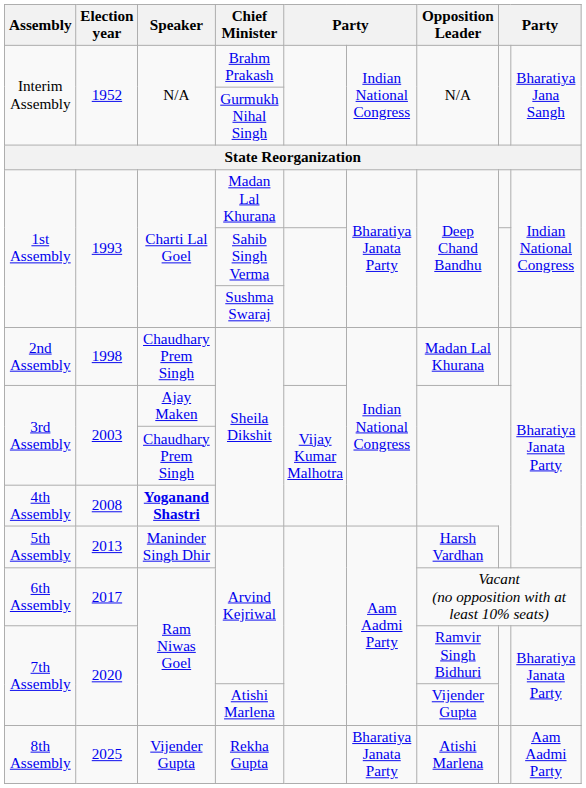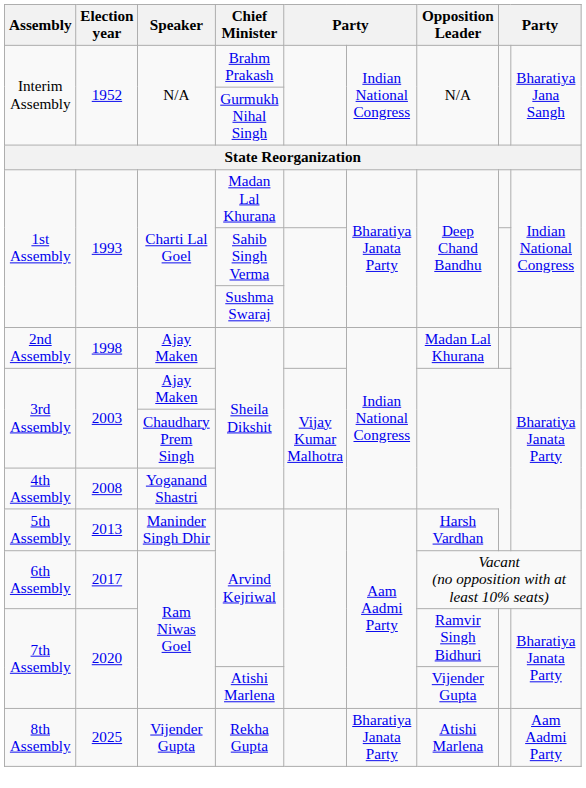 <table class="wikitable sortable" style="text-align:center;">
 <tr>
 <th>Assembly</th>
 <th>Election year</th>
 <th>Speaker</th>
 <th>Chief Minister</th>
 <th colspan=2>Party</th>
 <th>Opposition Leader</th>
 <th colspan=2>Party</th>
 </tr>
 <tr>
 <td rowspan="2">Interim Assembly</td>
 <td rowspan="2"><a href='#'>1952</a></td>
 <td rowspan="2">N/A</td>
 <td><a href='#'>Brahm Prakash</a></td>
 <td rowspan="2" bgcolor=></td>
 <td rowspan="2"><a href='#'>Indian National Congress</a></td>
 <td rowspan="2">N/A</td>
 <td rowspan="2" bgcolor=></td>
 <td rowspan="2"><a href='#'>Bharatiya Jana Sangh</a></td>
 </tr>
 <tr>
 <td><a href='#'>Gurmukh Nihal Singh</a></td>
 </tr>
 <tr>
 <th colspan="9">State Reorganization</th>
 </tr>
 <tr>
 <td rowspan="3"><a href='#'>1st Assembly</a></td>
 <td rowspan="3"><a href='#'>1993</a></td>
 <td rowspan="3"><a href='#'>Charti Lal Goel</a></td>
 <td><a href='#'>Madan Lal Khurana</a></td>
 <td width="4" style="background-color: "></td>
 <td rowspan="3"><a href='#'>Bharatiya Janata Party</a></td>
 <td rowspan="3"><a href='#'>Deep Chand Bandhu</a></td>
 <td width="4" style="background-color: "></td>
 <td rowspan="3"><a href='#'>Indian National Congress</a></td>
 </tr>
 <tr>
 <td><a href='#'>Sahib Singh Verma</a></td>
 </tr>
 <tr>
 <td><a href='#'>Sushma Swaraj</a></td>
 </tr>
 <tr>
 <td><a href='#'>2nd Assembly</a></td>
 <td><a href='#'>1998</a></td>
-<td><a href='#'>Chaudhary Prem Singh</a></td>
+<td><a href='#'>Ajay Maken</a></td>
 <td rowspan="4"><a href='#'>Sheila Dikshit</a></td>
 <td width="4" style="background-color: "></td>
 <td rowspan="4"><a href='#'>Indian National Congress</a></td>
 <td><a href='#'>Madan Lal Khurana</a></td>
 <td width="5" style="background-color: "></td>
 <td rowspan="5"><a href='#'>Bharatiya Janata Party</a></td>
 </tr>
 <tr>
 <td rowspan=2><a href='#'>3rd Assembly</a></td>
 <td rowspan=2><a href='#'>2003</a></td>
 <td><a href='#'>Ajay Maken</a></td>
 <td rowspan="3"><a href='#'>Vijay Kumar Malhotra</a></td>
 </tr>
 <tr>
 <td><a href='#'>Chaudhary Prem Singh</a></td>
 </tr>
 <tr>
 <td><a href='#'>4th Assembly</a></td>
 <td><a href='#'>2008</a></td>
-<td><strong><a href='#'>Yoganand Shastri</a></strong></td>
+<td><a href='#'>Yoganand Shastri</a></td>
 </tr>
 <tr>
 <td><a href='#'>5th Assembly</a></td>
 <td><a href='#'>2013</a></td>
 <td><a href='#'>Maninder Singh Dhir</a></td>
 <td rowspan="3"><a href='#'>Arvind Kejriwal</a></td>
 <td rowspan="4" width="4" style="background-color: "></td>
 <td rowspan="4"><a href='#'>Aam Aadmi Party</a></td>
 <td><a href='#'>Harsh Vardhan</a></td>
 </tr>
 <tr>
 <td><a href='#'>6th Assembly</a></td>
 <td><a href='#'>2017</a></td>
 <td rowspan="3"><a href='#'>Ram Niwas Goel</a></td>
 <td colspan="3"><em>Vacant</em><br><em>(no opposition with at least 10% seats)</em></td>
 </tr>
 <tr>
 <td rowspan="2"><a href='#'>7th Assembly</a></td>
 <td rowspan="2"><a href='#'>2020</a></td>
 <td><a href='#'>Ramvir Singh Bidhuri</a></td>
 <td rowspan="2" width="4" style="background-color: "></td>
 <td rowspan=2><a href='#'>Bharatiya Janata Party</a></td>
 </tr>
 <tr>
 <td><a href='#'>Atishi Marlena</a></td>
 <td><a href='#'>Vijender Gupta</a></td>
 </tr>
 <tr>
 <td><a href='#'>8th Assembly</a></td>
 <td><a href='#'>2025</a></td>
 <td><a href='#'>Vijender Gupta</a></td>
 <td><a href='#'>Rekha Gupta</a></td>
 <td rowspan="4" width="4" style="background-color: "></td>
 <td rowspan="4"><a href='#'>Bharatiya Janata Party</a></td>
 <td><a href='#'>Atishi Marlena</a></td>
 <td style="background-color: "></td>
 <td><a href='#'>Aam Aadmi Party</a></td>
 </tr>
 </table>
